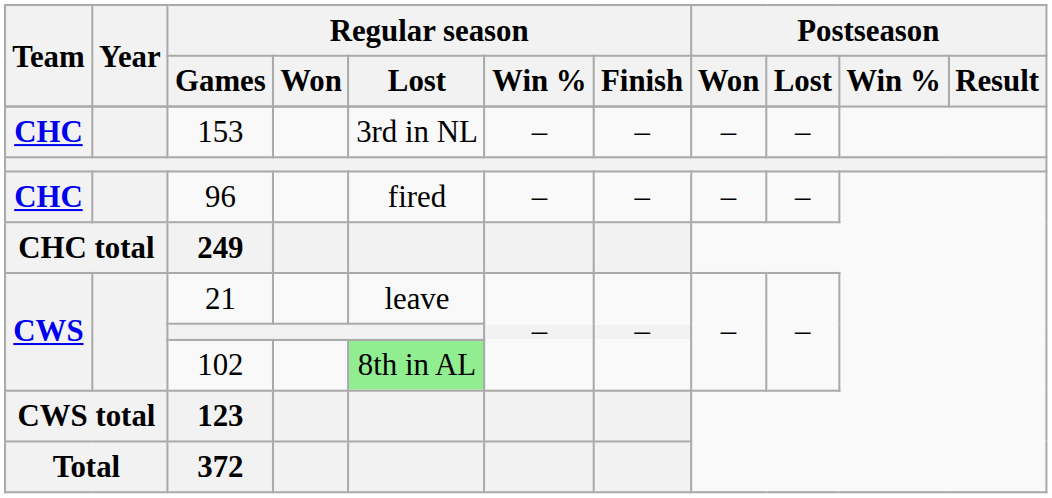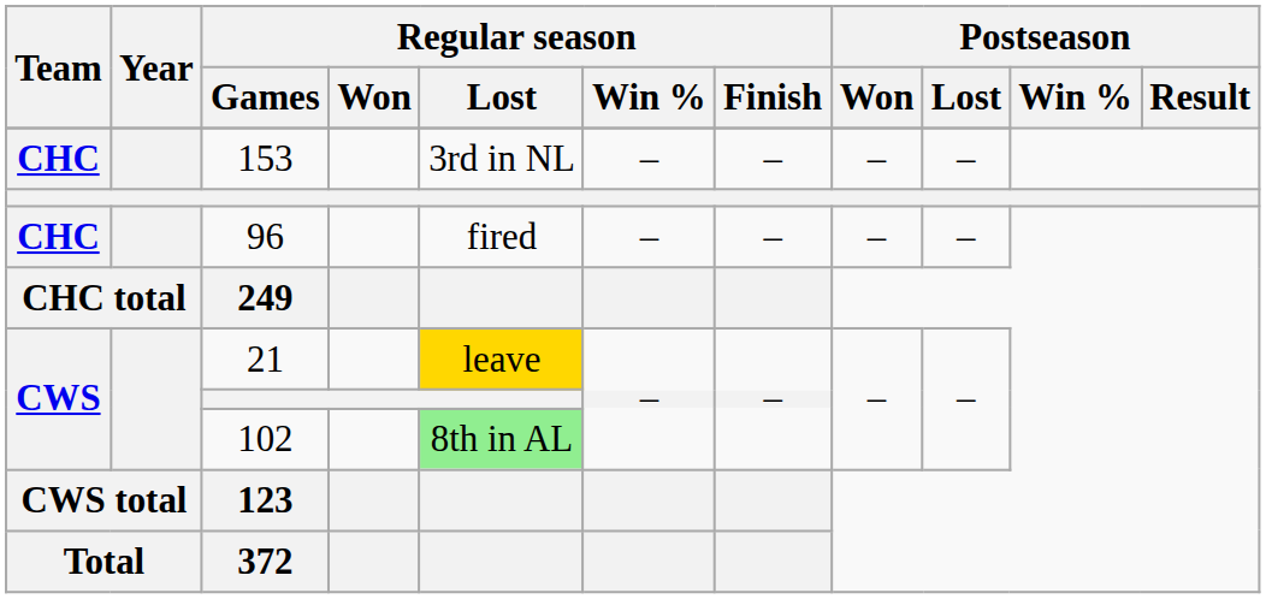 <table class="wikitable" style="font-size: 95%; text-align:center;">
 <tr>
 <th rowspan="2">Team</th>
 <th rowspan="2">Year</th>
 <th colspan="5">Regular season</th>
 <th colspan="4">Postseason</th>
 </tr>
 <tr>
 <th>Games</th>
 <th>Won</th>
 <th>Lost</th>
 <th>Win %</th>
 <th>Finish</th>
 <th>Won</th>
 <th>Lost</th>
 <th>Win %</th>
 <th>Result</th>
 </tr>
 <tr>
 </tr>
 <tr>
 <th><a href='#'>CHC</a></th>
 <th></th>
 <td>153</td>
 <td></td>
 <td>3rd in NL</td>
 <td>–</td>
 <td>–</td>
 <td>–</td>
 <td>–</td>
 </tr>
 <tr>
 <th colspan="11"></th>
 </tr>
 <tr>
 <th><a href='#'>CHC</a></th>
 <th></th>
 <td>96</td>
 <td></td>
 <td>fired</td>
 <td>–</td>
 <td>–</td>
 <td>–</td>
 <td>–</td>
 </tr>
 <tr>
 <th colspan="2">CHC total</th>
 <th>249</th>
 <th></th>
 <th></th>
 <th></th>
 <th></th>
 </tr>
 <tr>
 <th rowspan="3"><a href='#'>CWS</a></th>
 <th rowspan="3"></th>
 <td>21</td>
 <td></td>
-<td>leave</td>
+<td style="background: gold;">leave</td>
 <td rowspan="3">–</td>
 <td rowspan="3">–</td>
 <td rowspan="3">–</td>
 <td rowspan="3">–</td>
 </tr>
 <tr>
 <th colspan="5"></th>
 </tr>
 <tr>
 <td>102</td>
 <td></td>
 <td style="background: lightgreen;">8th in AL</td>
 </tr>
 <tr>
 <th colspan="2">CWS total</th>
 <th>123</th>
 <th></th>
 <th></th>
 <th></th>
 <th></th>
 </tr>
 <tr>
 <th colspan="2">Total</th>
 <th>372</th>
 <th></th>
 <th></th>
 <th></th>
 <th></th>
 </tr>
 </table>
